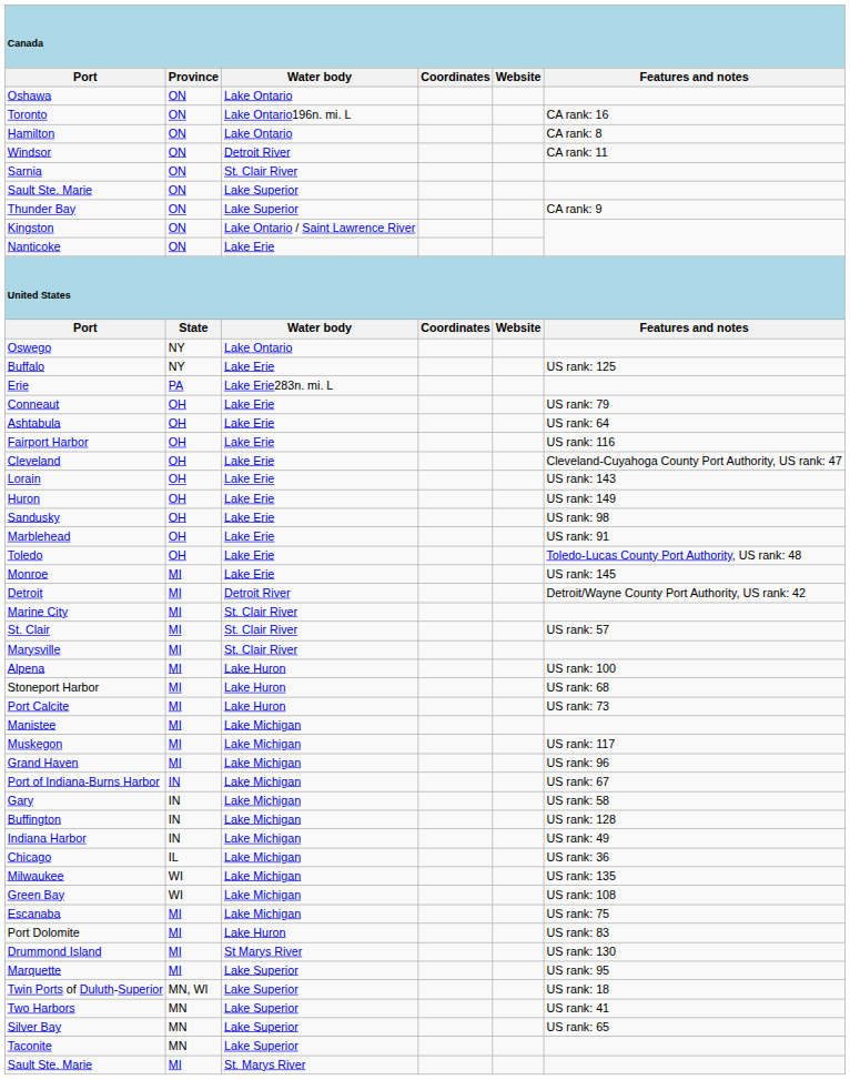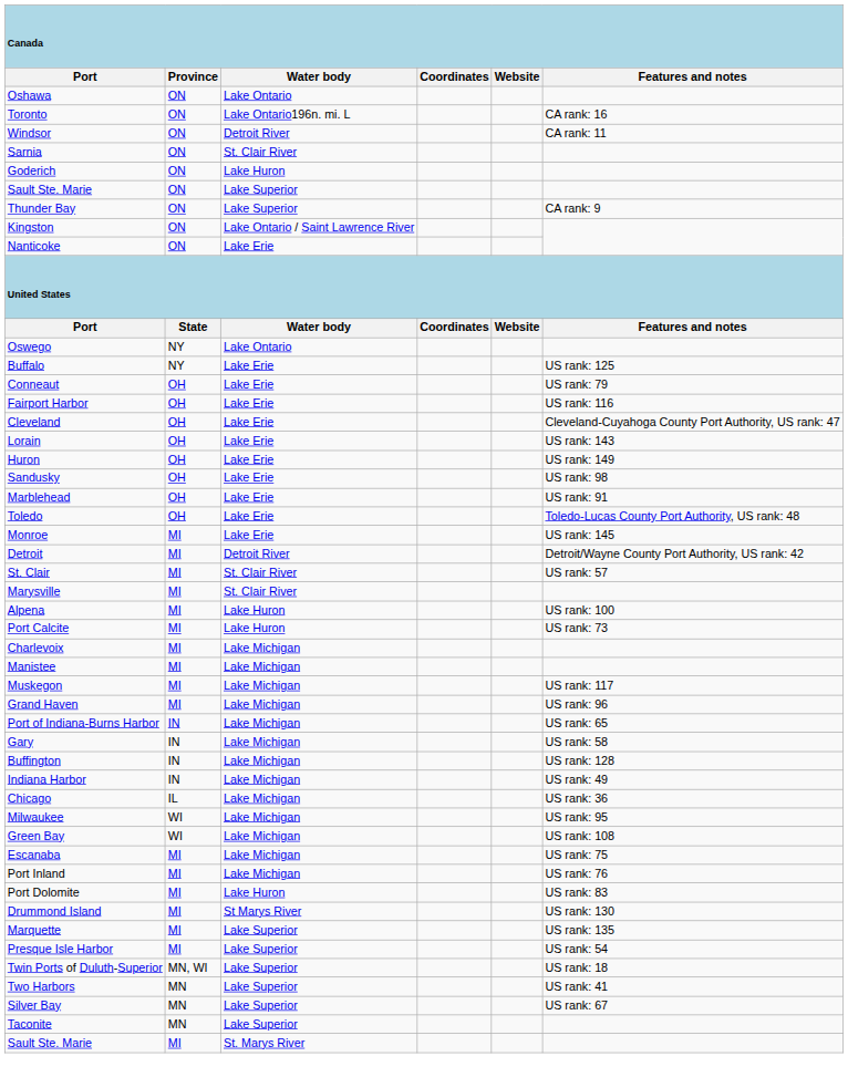 <table class="wikitable" border:1; cellpadding:0; cellspacing:0; vertical-align:top; align:left"|>
 <tr>
 <td bgcolor="lightblue" colspan="6"><br><h5>Canada</h5></td>
 </tr>
 <tr>
 <th bgcolor="lightblue">Port</th>
 <th bgcolor="lightblue">Province</th>
 <th bgcolor="lightblue">Water body</th>
 <th bgcolor="lightblue">Coordinates</th>
 <th bgcolor="lightblue">Website</th>
 <th bgcolor="lightblue">Features and notes</th>
 </tr>
 <tr>
 <td><a href='#'>Oshawa</a></td>
 <td><a href='#'>ON</a></td>
 <td><a href='#'>Lake Ontario</a></td>
 <td></td>
 <td></td>
 <td></td>
 </tr>
 <tr>
 <td><a href='#'>Toronto</a></td>
 <td><a href='#'>ON</a></td>
 <td><a href='#'>Lake Ontario</a>196n. mi. L</td>
 <td></td>
 <td></td>
 <td>CA rank: 16</td>
 </tr>
 <tr>
-<td><a href='#'>Hamilton</a></td>
-<td><a href='#'>ON</a></td>
-<td><a href='#'>Lake Ontario</a></td>
-<td></td>
-<td></td>
-<td>CA rank: 8</td>
-</tr>
-<tr>
 <td><a href='#'>Windsor</a></td>
 <td><a href='#'>ON</a></td>
 <td><a href='#'>Detroit River</a></td>
 <td></td>
 <td></td>
 <td>CA rank: 11</td>
 </tr>
 <tr>
 <td><a href='#'>Sarnia</a></td>
 <td><a href='#'>ON</a></td>
 <td><a href='#'>St. Clair River</a></td>
+<td></td>
+<td></td>
+<td></td>
+</tr>
+<tr>
+<td><a href='#'>Goderich</a></td>
+<td><a href='#'>ON</a></td>
+<td><a href='#'>Lake Huron</a></td>
 <td></td>
 <td></td>
 <td></td>
 </tr>
 <tr>
 <td><a href='#'>Sault Ste. Marie</a></td>
 <td><a href='#'>ON</a></td>
 <td><a href='#'>Lake Superior</a></td>
 <td></td>
 <td></td>
 <td></td>
 </tr>
 <tr>
 <td><a href='#'>Thunder Bay</a></td>
 <td><a href='#'>ON</a></td>
 <td><a href='#'>Lake Superior</a></td>
 <td></td>
 <td></td>
 <td>CA rank: 9</td>
 </tr>
 <tr>
 <td><a href='#'>Kingston</a></td>
 <td><a href='#'>ON</a></td>
 <td><a href='#'>Lake Ontario</a> / <a href='#'>Saint Lawrence River</a></td>
 <td></td>
 <td></td>
 </tr>
 <tr>
 <td><a href='#'>Nanticoke</a></td>
 <td><a href='#'>ON</a></td>
 <td><a href='#'>Lake Erie</a></td>
 <td></td>
 <td></td>
 </tr>
 <tr>
 <td bgcolor="lightblue" colspan="6"><br><h5>United States</h5></td>
 </tr>
 <tr>
 <th bgcolor="lightblue">Port</th>
 <th bgcolor="lightblue">State</th>
 <th bgcolor="lightblue">Water body</th>
 <th bgcolor="lightblue">Coordinates</th>
 <th bgcolor="lightblue">Website</th>
 <th bgcolor="lightblue">Features and notes</th>
 </tr>
 <tr>
 <td><a href='#'>Oswego</a></td>
 <td>NY</td>
 <td><a href='#'>Lake Ontario</a></td>
 <td></td>
 <td></td>
 <td></td>
 </tr>
 <tr>
 <td><a href='#'>Buffalo</a></td>
 <td>NY</td>
 <td><a href='#'>Lake Erie</a></td>
 <td></td>
 <td></td>
 <td>US rank: 125</td>
 </tr>
 <tr>
-<td><a href='#'>Erie</a></td>
-<td><a href='#'>PA</a></td>
-<td><a href='#'>Lake Erie</a>283n. mi. L</td>
-<td></td>
-<td></td>
-<td></td>
-</tr>
-<tr>
 <td><a href='#'>Conneaut</a></td>
 <td><a href='#'>OH</a></td>
 <td><a href='#'>Lake Erie</a></td>
 <td></td>
 <td></td>
 <td>US rank: 79</td>
-</tr>
-<tr>
-<td><a href='#'>Ashtabula</a></td>
-<td><a href='#'>OH</a></td>
-<td><a href='#'>Lake Erie</a></td>
-<td></td>
-<td></td>
-<td>US rank: 64</td>
 </tr>
 <tr>
 <td><a href='#'>Fairport Harbor</a></td>
 <td><a href='#'>OH</a></td>
 <td><a href='#'>Lake Erie</a></td>
 <td></td>
 <td></td>
 <td>US rank: 116</td>
 </tr>
 <tr>
 <td><a href='#'>Cleveland</a></td>
 <td><a href='#'>OH</a></td>
 <td><a href='#'>Lake Erie</a></td>
 <td></td>
 <td></td>
 <td>Cleveland-Cuyahoga County Port Authority, US rank: 47</td>
 </tr>
 <tr>
 <td><a href='#'>Lorain</a></td>
 <td><a href='#'>OH</a></td>
 <td><a href='#'>Lake Erie</a></td>
 <td></td>
 <td></td>
 <td>US rank: 143</td>
 </tr>
 <tr>
 <td><a href='#'>Huron</a></td>
 <td><a href='#'>OH</a></td>
 <td><a href='#'>Lake Erie</a></td>
 <td></td>
 <td></td>
 <td>US rank: 149</td>
 </tr>
 <tr>
 <td><a href='#'>Sandusky</a></td>
 <td><a href='#'>OH</a></td>
 <td><a href='#'>Lake Erie</a></td>
 <td></td>
 <td></td>
 <td>US rank: 98</td>
 </tr>
 <tr>
 <td><a href='#'>Marblehead</a></td>
 <td><a href='#'>OH</a></td>
 <td><a href='#'>Lake Erie</a></td>
 <td></td>
 <td></td>
 <td>US rank: 91</td>
 </tr>
 <tr>
 <td><a href='#'>Toledo</a></td>
 <td><a href='#'>OH</a></td>
 <td><a href='#'>Lake Erie</a></td>
 <td></td>
 <td></td>
 <td><a href='#'>Toledo-Lucas County Port Authority</a>, US rank: 48</td>
 </tr>
 <tr>
 <td><a href='#'>Monroe</a></td>
 <td><a href='#'>MI</a></td>
 <td><a href='#'>Lake Erie</a></td>
 <td></td>
 <td></td>
 <td>US rank: 145</td>
 </tr>
 <tr>
 <td><a href='#'>Detroit</a></td>
 <td><a href='#'>MI</a></td>
 <td><a href='#'>Detroit River</a></td>
 <td></td>
 <td></td>
 <td>Detroit/Wayne County Port Authority, US rank: 42</td>
 </tr>
 <tr>
-<td><a href='#'>Marine City</a></td>
-<td><a href='#'>MI</a></td>
-<td><a href='#'>St. Clair River</a></td>
-<td></td>
-<td></td>
-<td></td>
-</tr>
-<tr>
 <td><a href='#'>St. Clair</a></td>
 <td><a href='#'>MI</a></td>
 <td><a href='#'>St. Clair River</a></td>
 <td></td>
 <td></td>
 <td>US rank: 57</td>
 </tr>
 <tr>
 <td><a href='#'>Marysville</a></td>
 <td><a href='#'>MI</a></td>
 <td><a href='#'>St. Clair River</a></td>
 <td></td>
 <td></td>
 <td></td>
 </tr>
 <tr>
 <td><a href='#'>Alpena</a></td>
 <td><a href='#'>MI</a></td>
 <td><a href='#'>Lake Huron</a></td>
 <td></td>
 <td></td>
 <td>US rank: 100</td>
 </tr>
 <tr>
-<td>Stoneport Harbor</td>
-<td><a href='#'>MI</a></td>
-<td><a href='#'>Lake Huron</a></td>
-<td></td>
-<td></td>
-<td>US rank: 68</td>
-</tr>
-<tr>
 <td><a href='#'>Port Calcite</a></td>
 <td><a href='#'>MI</a></td>
 <td><a href='#'>Lake Huron</a></td>
 <td></td>
 <td></td>
 <td>US rank: 73</td>
+</tr>
+<tr>
+<td><a href='#'>Charlevoix</a></td>
+<td><a href='#'>MI</a></td>
+<td><a href='#'>Lake Michigan</a></td>
+<td></td>
+<td></td>
+<td></td>
 </tr>
 <tr>
 <td><a href='#'>Manistee</a></td>
 <td><a href='#'>MI</a></td>
 <td><a href='#'>Lake Michigan</a></td>
 <td></td>
 <td></td>
 <td></td>
 </tr>
 <tr>
 <td><a href='#'>Muskegon</a></td>
 <td><a href='#'>MI</a></td>
 <td><a href='#'>Lake Michigan</a></td>
 <td></td>
 <td></td>
 <td>US rank: 117</td>
 </tr>
 <tr>
 <td><a href='#'>Grand Haven</a></td>
 <td><a href='#'>MI</a></td>
 <td><a href='#'>Lake Michigan</a></td>
 <td></td>
 <td></td>
 <td>US rank: 96</td>
 </tr>
 <tr>
 <td><a href='#'>Port of Indiana-Burns Harbor</a></td>
 <td><a href='#'>IN</a></td>
 <td><a href='#'>Lake Michigan</a></td>
 <td></td>
 <td></td>
-<td>US rank: 67</td>
+<td>US rank: 65</td>
 </tr>
 <tr>
 <td><a href='#'>Gary</a></td>
 <td>IN</td>
 <td><a href='#'>Lake Michigan</a></td>
 <td></td>
 <td></td>
 <td>US rank: 58</td>
 </tr>
 <tr>
 <td><a href='#'>Buffington</a></td>
 <td>IN</td>
 <td><a href='#'>Lake Michigan</a></td>
 <td></td>
 <td></td>
 <td>US rank: 128</td>
 </tr>
 <tr>
 <td><a href='#'>Indiana Harbor</a></td>
 <td>IN</td>
 <td><a href='#'>Lake Michigan</a></td>
 <td></td>
 <td></td>
 <td>US rank: 49</td>
 </tr>
 <tr>
 <td><a href='#'>Chicago</a></td>
 <td>IL</td>
 <td><a href='#'>Lake Michigan</a></td>
 <td></td>
 <td> </td>
 <td>US rank: 36</td>
 </tr>
 <tr>
 <td><a href='#'>Milwaukee</a></td>
 <td>WI</td>
 <td><a href='#'>Lake Michigan</a></td>
 <td></td>
 <td>  </td>
-<td>US rank: 135</td>
+<td>US rank: 95</td>
 </tr>
 <tr>
 <td><a href='#'>Green Bay</a></td>
 <td>WI</td>
 <td><a href='#'>Lake Michigan</a></td>
 <td></td>
 <td></td>
 <td>US rank: 108</td>
 </tr>
 <tr>
 <td><a href='#'>Escanaba</a></td>
 <td><a href='#'>MI</a></td>
 <td><a href='#'>Lake Michigan</a></td>
 <td></td>
 <td></td>
 <td>US rank: 75</td>
+</tr>
+<tr>
+<td>Port Inland</td>
+<td><a href='#'>MI</a></td>
+<td><a href='#'>Lake Michigan</a></td>
+<td></td>
+<td></td>
+<td>US rank: 76</td>
 </tr>
 <tr>
 <td>Port Dolomite</td>
 <td><a href='#'>MI</a></td>
 <td><a href='#'>Lake Huron</a></td>
 <td></td>
 <td></td>
 <td>US rank: 83</td>
 </tr>
 <tr>
 <td><a href='#'>Drummond Island</a></td>
 <td><a href='#'>MI</a></td>
 <td><a href='#'>St Marys River</a></td>
 <td></td>
 <td></td>
 <td>US rank: 130</td>
 </tr>
 <tr>
 <td><a href='#'>Marquette</a></td>
 <td><a href='#'>MI</a></td>
 <td><a href='#'>Lake Superior</a></td>
 <td></td>
 <td></td>
-<td>US rank: 95</td>
+<td>US rank: 135</td>
+</tr>
+<tr>
+<td><a href='#'>Presque Isle Harbor</a></td>
+<td><a href='#'>MI</a></td>
+<td><a href='#'>Lake Superior</a></td>
+<td></td>
+<td></td>
+<td>US rank: 54</td>
 </tr>
 <tr>
 <td><a href='#'>Twin Ports</a> of <a href='#'>Duluth</a>-<a href='#'>Superior</a></td>
 <td>MN, WI</td>
 <td><a href='#'>Lake Superior</a></td>
 <td></td>
 <td></td>
 <td>US rank: 18</td>
 </tr>
 <tr>
 <td><a href='#'>Two Harbors</a></td>
 <td>MN</td>
 <td><a href='#'>Lake Superior</a></td>
 <td></td>
 <td></td>
 <td>US rank: 41</td>
 </tr>
 <tr>
 <td><a href='#'>Silver Bay</a></td>
 <td>MN</td>
 <td><a href='#'>Lake Superior</a></td>
 <td></td>
 <td></td>
-<td>US rank: 65</td>
+<td>US rank: 67</td>
 </tr>
 <tr>
 <td><a href='#'>Taconite</a></td>
 <td>MN</td>
 <td><a href='#'>Lake Superior</a></td>
 <td></td>
 <td></td>
 <td></td>
 </tr>
 <tr>
 <td><a href='#'>Sault Ste. Marie</a></td>
 <td><a href='#'>MI</a></td>
 <td><a href='#'>St. Marys River</a></td>
 <td></td>
 <td></td>
 </tr>
 </table>
